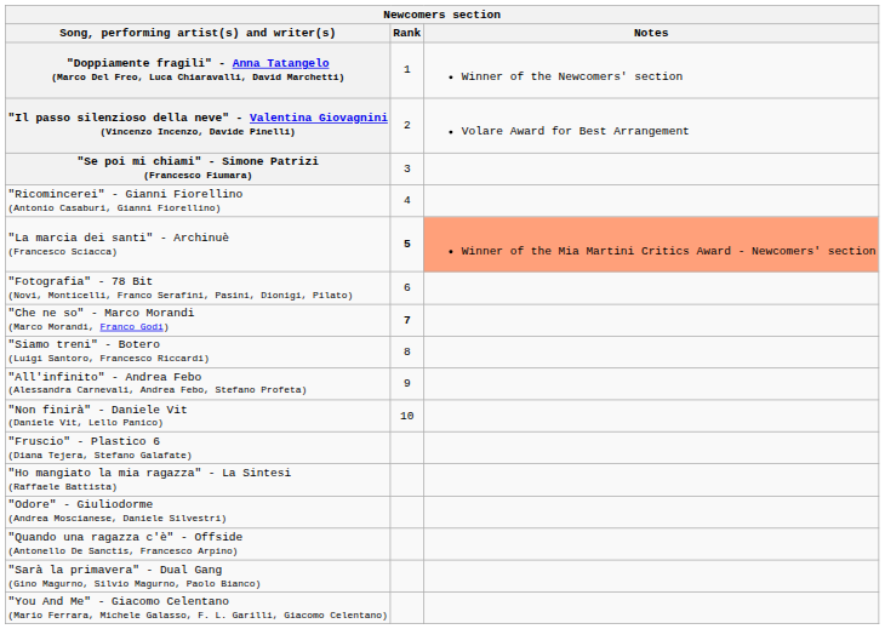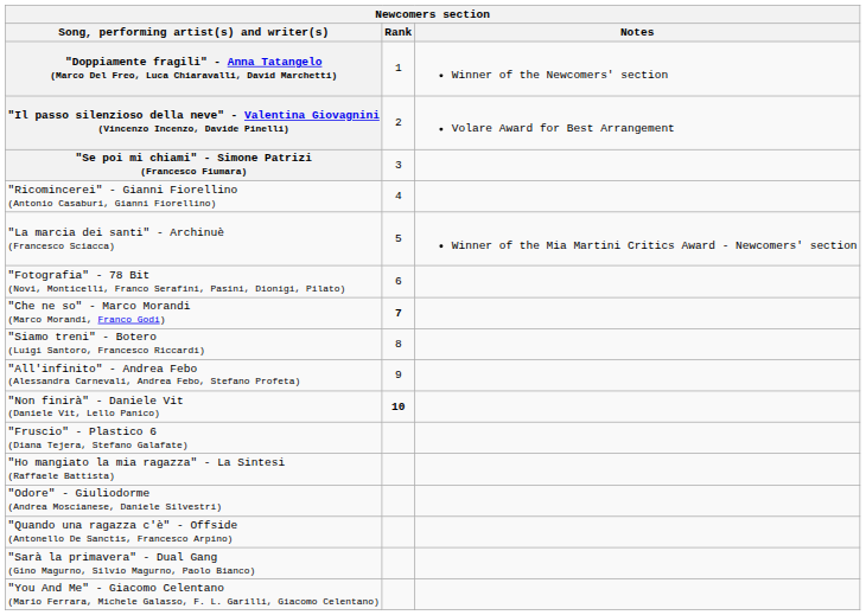 <table class="plainrowheaders wikitable">
 <tr>
 <th colspan="3">Newcomers section</th>
 </tr>
 <tr>
 <th>Song, performing artist(s) and writer(s)</th>
 <th>Rank</th>
 <th>Notes</th>
 </tr>
 <tr>
 <th scope="row">"Doppiamente fragili" - <a href='#'>Anna Tatangelo</a> <br><small> 	(Marco Del Freo, Luca Chiaravalli, David Marchetti) </small></th>
 <td align="center">1</td>
 <td><br><ul><li>Winner of the Newcomers' section</li></ul></td>
 </tr>
 <tr>
 <th scope="row">"Il passo silenzioso della neve" -  <a href='#'>Valentina Giovagnini</a> <br><small>  	 	(Vincenzo Incenzo, Davide Pinelli) 	 </small></th>
 <td align="center">2</td>
 <td><br><ul><li>Volare Award for Best Arrangement</li></ul></td>
 </tr>
 <tr>
 <th scope="row">"Se poi mi chiami" - Simone Patrizi <br><small>  	(Francesco Fiumara) 	 </small></th>
 <td align="center">3</td>
 <td></td>
 </tr>
 <tr>
 <td>"Ricomincerei" -  Gianni Fiorellino <br> <small>  	(Antonio Casaburi, Gianni Fiorellino) 	</small></td>
 <td align="center">4</td>
 <td></td>
 </tr>
 <tr>
 <td>"La marcia dei santi" - Archinuè<br> <small>  	 	(Francesco Sciacca) 	 </small></td>
-<td align="center"><strong>5</strong></td>
-<td style="background: lightsalmon;"><br><ul><li>Winner of the Mia Martini Critics Award - Newcomers' section</li></ul></td>
+<td align="center">5</td>
+<td><br><ul><li>Winner of the Mia Martini Critics Award - Newcomers' section</li></ul></td>
 </tr>
 <tr>
 <td>"Fotografia" -  78 Bit <br><small>  	(Novi, Monticelli, Franco Serafini, Pasini, Dionigi, Pilato) 	</small></td>
 <td align="center">6</td>
 <td></td>
 </tr>
 <tr>
 <td>"Che ne so" -  Marco Morandi <br> <small>  	(Marco Morandi, <a href='#'>Franco Godi</a>) 	 </small></td>
 <td align="center"><strong>7</strong></td>
 <td></td>
 </tr>
 <tr>
 <td>"Siamo treni" - Botero<br><small>  	(Luigi Santoro, Francesco Riccardi) 	 </small></td>
 <td align="center">8</td>
 <td></td>
 </tr>
 <tr>
 <td>"All'infinito" - Andrea Febo<br><small>  	 	(Alessandra Carnevali, Andrea Febo, Stefano Profeta) 	</small></td>
 <td align="center">9</td>
 <td></td>
 </tr>
 <tr>
 <td>"Non finirà" - Daniele Vit <br><small>  	 	(Daniele Vit, Lello Panico) 	 </small></td>
-<td align="center">10</td>
+<td align="center"><strong>10</strong></td>
 <td></td>
 </tr>
 <tr>
 <td>"Fruscio" -  Plastico 6<br> <small>  	(Diana Tejera, Stefano Galafate) 	 </small></td>
 <td></td>
 <td></td>
 </tr>
 <tr>
 <td>"Ho mangiato la mia ragazza" - La Sintesi <br> <small>  	(Raffaele Battista) 	 </small></td>
 <td></td>
 <td></td>
 </tr>
 <tr>
 <td>"Odore" - Giuliodorme<br><small>  	(Andrea Moscianese, Daniele Silvestri) 	 </small></td>
 <td></td>
 <td></td>
 </tr>
 <tr>
 <td>"Quando una ragazza c'è" - Offside<br><small>  	(Antonello De Sanctis, Francesco Arpino) 	 </small></td>
 <td></td>
 <td></td>
 </tr>
 <tr>
 <td>"Sarà la primavera" - Dual Gang <br><small>  	 	(Gino Magurno, Silvio Magurno, Paolo Bianco) 	 </small></td>
 <td></td>
 <td></td>
 </tr>
 <tr>
 <td>"You And Me" - Giacomo Celentano<br><small>  	(Mario Ferrara, Michele Galasso, F. L. Garilli, Giacomo Celentano)</small></td>
 <td></td>
 </tr>
 </table>
